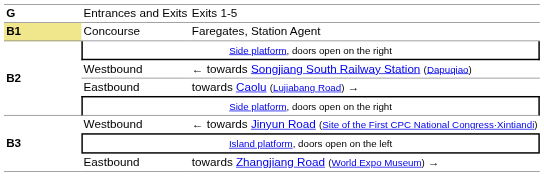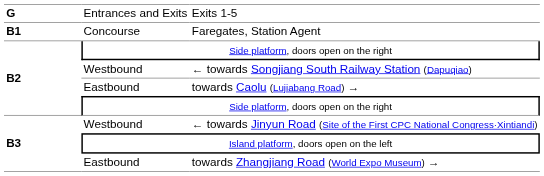 <table cellspacing=0 cellpadding=3>
 <tr>
 <td style="border-top:solid 1px gray;border-bottom:solid 1px gray;" width=100><strong>G</strong></td>
 <td style="border-top:solid 1px gray;border-bottom:solid 1px gray;">Entrances and Exits</td>
 <td style="border-top:solid 1px gray;border-bottom:solid 1px gray;">Exits 1-5</td>
 </tr>
 <tr>
-<td style="background: khaki; border-bottom:solid 1px gray;"><strong>B1</strong></td>
+<td style="border-bottom:solid 1px gray;"><strong>B1</strong></td>
 <td style="border-bottom:solid 1px gray;">Concourse</td>
 <td style="border-bottom:solid 1px gray;">Faregates, Station Agent</td>
 </tr>
 <tr>
 <td style="border-bottom:solid 1px gray;" rowspan=4><strong>B2</strong></td>
 <td style="border-right:solid 2px black;border-left:solid 2px black;border-bottom:solid 2px black;text-align:center;" colspan=2><small><a href='#'>Side platform</a>, doors open on the right</small></td>
 </tr>
 <tr>
 <td style="border-bottom:solid 1px gray;">Westbound</td>
 <td style="border-bottom:solid 1px gray;">←  towards <a href='#'>Songjiang South Railway Station</a> <small>(<a href='#'>Dapuqiao</a>)</small></td>
 </tr>
 <tr>
 <td>Eastbound</td>
 <td>  towards <a href='#'>Caolu</a> <small>(<a href='#'>Lujiabang Road</a>)</small> →</td>
 </tr>
 <tr>
 <td style="border-right:solid 2px black;border-left:solid 2px black;border-top:solid 2px black;border-bottom:solid 1px gray;text-align:center;" colspan=2><small><a href='#'>Side platform</a>, doors open on the right</small></td>
 </tr>
 <tr>
 <td style="border-bottom:solid 1px gray;" rowspan=3><strong>B3</strong></td>
 <td>Westbound</td>
 <td>←  towards <a href='#'>Jinyun Road</a> <small>(<a href='#'>Site of the First CPC National Congress·Xintiandi</a>)</small></td>
 </tr>
 <tr>
 <td style="border-right:solid 2px black;border-left:solid 2px black;border-top:solid 2px black;border-bottom:solid 2px black;text-align:center;" colspan=2><small><a href='#'>Island platform</a>, doors open on the left</small></td>
 </tr>
 <tr>
 <td style="border-bottom:solid 1px gray;">Eastbound</td>
 <td style="border-bottom:solid 1px gray;">  towards <a href='#'>Zhangjiang Road</a> <small>(<a href='#'>World Expo Museum</a>)</small> →</td>
 </tr>
 </table>
